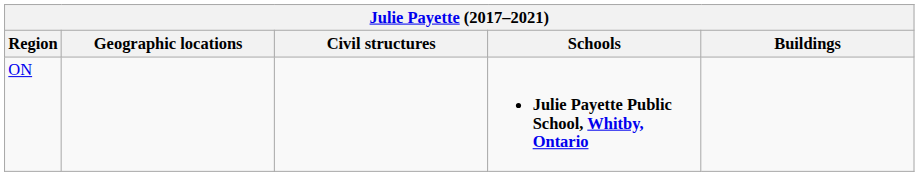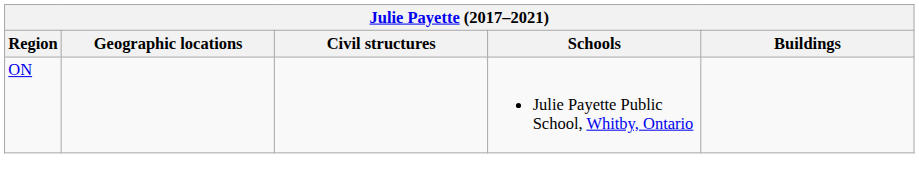 <table class="wikitable" width="100%">
 <tr>
 <th colspan="5"> <a href='#'>Julie Payette</a> (2017–2021)</th>
 </tr>
 <tr>
 <th width="5%">Region</th>
 <th width="23.75%">Geographic locations</th>
 <th width="23.75%">Civil structures</th>
 <th width="23.75%">Schools</th>
 <th width="23.75%">Buildings</th>
 </tr>
 <tr>
 <td align=left valign=top> <a href='#'>ON</a></td>
 <td></td>
 <td></td>
-<td align=left valign=top><strong><br><ul><li>Julie Payette Public School, <a href='#'>Whitby, Ontario</a></li></ul></strong></td>
+<td align=left valign=top><br><ul><li>Julie Payette Public School, <a href='#'>Whitby, Ontario</a></li></ul></td>
 <td></td>
 </tr>
 </table>
